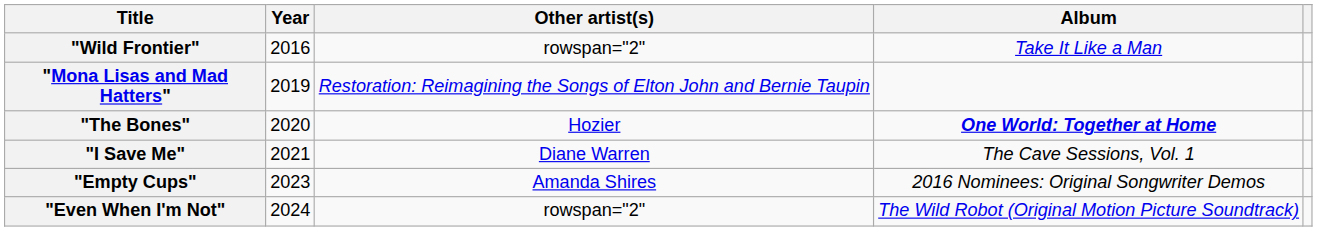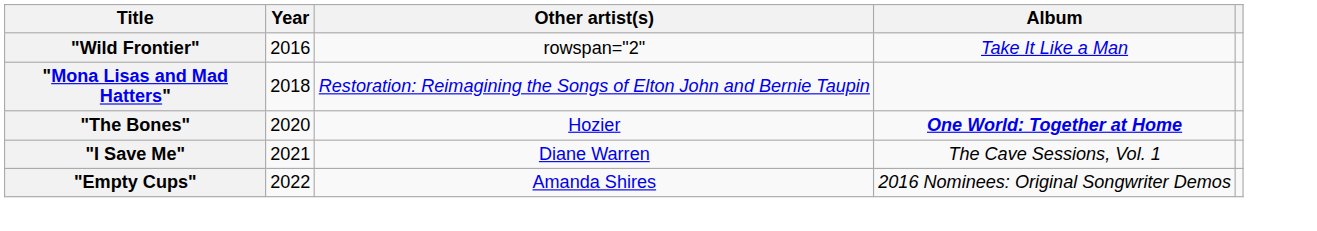 <table class="wikitable plainrowheaders" style="text-align:center;">
 <tr>
 <th scope="col" style="width:14em;">Title</th>
 <th scope="col">Year</th>
 <th scope="col">Other artist(s)</th>
 <th scope="col">Album</th>
 <th scope="col"></th>
 </tr>
 <tr>
 <th scope="row">"Wild Frontier"</th>
 <td>2016</td>
 <td>rowspan="2" </td>
 <td><em><a href='#'>Take It Like a Man</a></em></td>
 <td></td>
 </tr>
 <tr>
 <th scope="row">"<a href='#'>Mona Lisas and Mad Hatters</a>"</th>
-<td>2019</td>
+<td>2018</td>
 <td><em><a href='#'>Restoration: Reimagining the Songs of Elton John and Bernie Taupin</a></em></td>
 <td></td>
 </tr>
 <tr>
 <th scope="row">"The Bones"</th>
 <td>2020</td>
 <td><a href='#'>Hozier</a></td>
 <td><strong><em><a href='#'>One World: Together at Home</a></em></strong></td>
 <td></td>
 </tr>
 <tr>
 <th scope="row">"I Save Me"</th>
 <td>2021</td>
 <td><a href='#'>Diane Warren</a></td>
 <td><em>The Cave Sessions, Vol. 1</em></td>
 <td></td>
 </tr>
 <tr>
 <th scope="row">"Empty Cups"</th>
-<td>2023</td>
+<td>2022</td>
 <td><a href='#'>Amanda Shires</a></td>
 <td><em>2016 Nominees: Original Songwriter Demos</em></td>
 <td></td>
 </tr>
-<tr>
-<th scope="row">"Even When I'm Not"</th>
-<td>2024</td>
-<td>rowspan="2" </td>
-<td><em><a href='#'>The Wild Robot (Original Motion Picture Soundtrack)</a></em></td>
-<td></td>
-</tr>
 </table>
